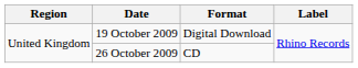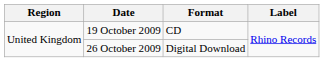 <table class=wikitable>
 <tr>
 <th>Region</th>
 <th>Date</th>
 <th>Format</th>
 <th>Label</th>
 </tr>
 <tr>
 <td rowspan="2">United Kingdom</td>
 <td>19 October 2009</td>
-<td>Digital Download</td>
+<td>CD</td>
 <td rowspan="2"><a href='#'>Rhino Records</a></td>
 </tr>
 <tr>
 <td>26 October 2009</td>
-<td>CD</td>
+<td>Digital Download</td>
 </tr>
 </table>
